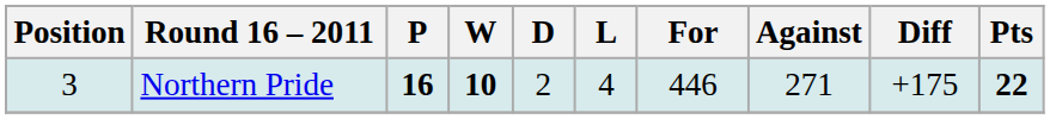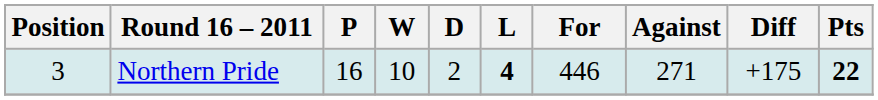 <table class="wikitable" style="text-align:center; font-size:85%;">
 <tr>
 <th width=40 abbr="Position">Position</th>
 <th width=100>Round 16 – 2011</th>
 <th width=20 abbr="Played">P</th>
 <th width=20 abbr="Won">W</th>
 <th width=20 abbr="Drawn">D</th>
 <th width=20 abbr="Lost">L</th>
 <th width=40 abbr="Points for">For</th>
 <th width=40 abbr="Points against">Against</th>
 <th width=40 abbr="Points difference">Diff</th>
 <th width=20 abbr="Points">Pts</th>
 </tr>
 <tr style="background: #d7ebed;">
 <td>3</td>
 <td style="text-align:left;"> <a href='#'>Northern Pride</a></td>
-<td><strong>16</strong></td>
-<td><strong>10</strong></td>
+<td>16</td>
+<td>10</td>
 <td>2</td>
-<td>4</td>
+<td><strong>4</strong></td>
 <td>446</td>
 <td>271</td>
 <td>+175</td>
 <td><strong>22</strong></td>
 </tr>
 <tr>
 </tr>
 </table>
